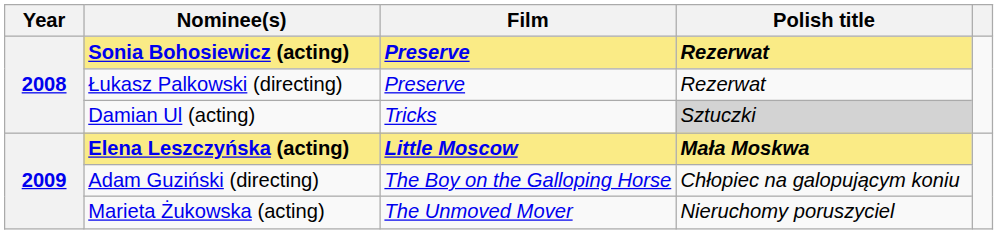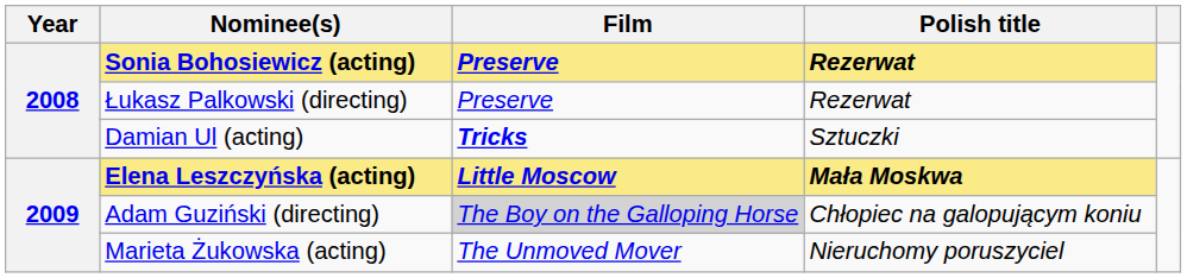 <table class="wikitable sortable">
 <tr>
 <th scope="col" style="width:8%;">Year</th>
 <th scope="col" style="width:30%;">Nominee(s)</th>
 <th scope="col" style="width:30%;">Film</th>
 <th>Polish title</th>
 <th scope="col" style="width:2%;"></th>
 </tr>
 <tr>
 <th rowspan="3" scope="row" style="text-align:center;"><a href='#'>2008</a><br></th>
 <td style="background:#FAEB86;"><strong><a href='#'>Sonia Bohosiewicz</a> (acting)</strong></td>
 <td style="background:#FAEB86;"><strong><em><a href='#'>Preserve</a></em></strong></td>
 <td style="background:#FAEB86;"><strong><em>Rezerwat</em></strong></td>
 <td rowspan="3"></td>
 </tr>
 <tr>
 <td><a href='#'>Łukasz Palkowski</a> (directing)</td>
 <td><em><a href='#'>Preserve</a></em></td>
 <td><em>Rezerwat</em></td>
 </tr>
 <tr>
 <td><a href='#'>Damian Ul</a> (acting)</td>
-<td><em><a href='#'>Tricks</a></em></td>
-<td style="background: lightgrey;"><em>Sztuczki</em></td>
+<td><strong><em><a href='#'>Tricks</a></em></strong></td>
+<td><em>Sztuczki</em></td>
 </tr>
 <tr>
 <th rowspan="3" scope="row" style="text-align:center;"><a href='#'>2009</a><br></th>
 <td style="background:#FAEB86;"><strong><a href='#'>Elena Leszczyńska</a> (acting)</strong></td>
 <td style="background:#FAEB86;"><strong><em><a href='#'>Little Moscow</a></em></strong></td>
 <td style="background:#FAEB86;"><strong><em>Mała Moskwa</em></strong></td>
 <td rowspan="3"></td>
 </tr>
 <tr>
 <td><a href='#'>Adam Guziński</a> (directing)</td>
-<td><em><a href='#'>The Boy on the Galloping Horse</a></em></td>
+<td style="background: lightgrey;"><em><a href='#'>The Boy on the Galloping Horse</a></em></td>
 <td><em>Chłopiec na galopującym koniu</em></td>
 </tr>
 <tr>
 <td><a href='#'>Marieta Żukowska</a> (acting)</td>
 <td><em><a href='#'>The Unmoved Mover</a></em></td>
 <td><em>Nieruchomy poruszyciel</em></td>
 </tr>
 </table>
